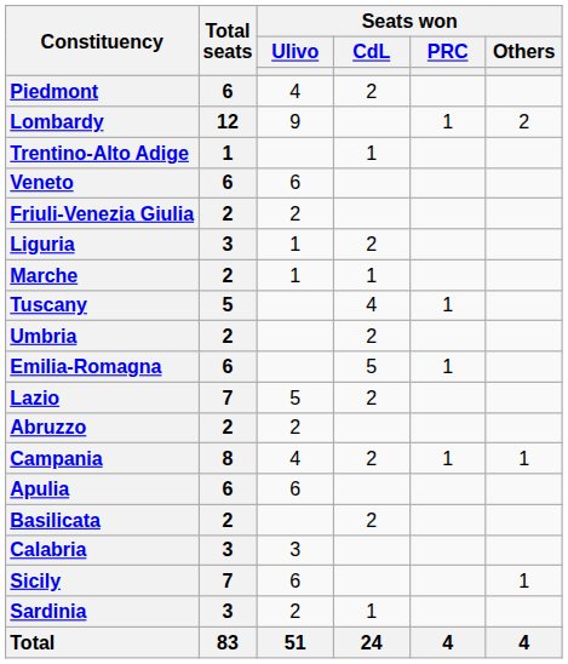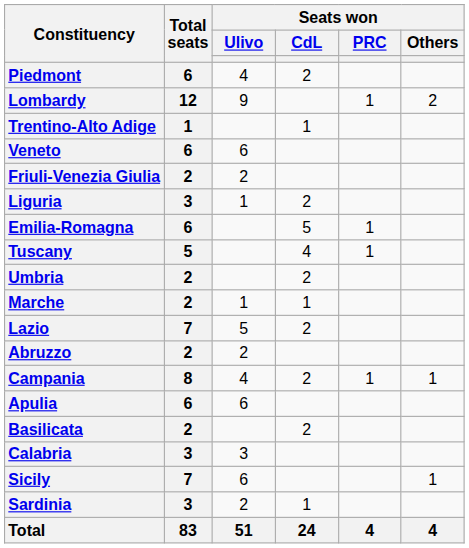 <table class="wikitable" style="text-align:center; font-size: 0.9em">
 <tr>
 <th rowspan="3">Constituency</th>
 <th rowspan="3">Total<br>seats</th>
 <th colspan="4">Seats won</th>
 </tr>
 <tr>
 <th class="unsortable" style="width:50px;"><a href='#'>Ulivo</a></th>
 <th class="unsortable" style="width:50px;"><a href='#'>CdL</a></th>
 <th class="unsortable" style="width:50px;"><a href='#'>PRC</a></th>
 <th class="unsortable" style="width:50px;">Others</th>
 </tr>
 <tr>
 <th style="color:inherit;background:"></th>
 <th style="color:inherit;background:"></th>
 <th style="color:inherit;background:"></th>
 <th style="color:inherit;background:"></th>
 </tr>
 <tr>
 <th style="text-align: left;"><a href='#'>Piedmont</a></th>
 <th>6</th>
 <td>4</td>
 <td>2</td>
 <td></td>
 <td></td>
 </tr>
 <tr>
 <th style="text-align: left;"><a href='#'>Lombardy</a></th>
 <th>12</th>
 <td>9</td>
 <td></td>
 <td>1</td>
 <td>2</td>
 </tr>
 <tr>
 <th style="text-align: left;"><a href='#'>Trentino-Alto Adige</a></th>
 <th>1</th>
 <td></td>
 <td>1</td>
 <td></td>
 <td></td>
 </tr>
 <tr>
 <th style="text-align: left;"><a href='#'>Veneto</a></th>
 <th>6</th>
 <td>6</td>
 <td></td>
 <td></td>
 <td></td>
 </tr>
 <tr>
 <th style="text-align: left;"><a href='#'>Friuli-Venezia Giulia</a></th>
 <th>2</th>
 <td>2</td>
 <td></td>
 <td></td>
 <td></td>
 </tr>
 <tr>
 <th style="text-align: left;"><a href='#'>Liguria</a></th>
 <th>3</th>
 <td>1</td>
 <td>2</td>
 <td></td>
 <td></td>
 </tr>
 <tr>
-<th style="text-align: left;"><a href='#'>Marche</a></th>
-<th>2</th>
+<th style="text-align: left;"><a href='#'>Emilia-Romagna</a></th>
+<th>6</th>
+<td></td>
+<td>5</td>
 <td>1</td>
-<td>1</td>
-<td></td>
 <td></td>
 </tr>
 <tr>
 <th style="text-align: left;"><a href='#'>Tuscany</a></th>
 <th>5</th>
 <td></td>
 <td>4</td>
 <td>1</td>
 <td></td>
 </tr>
 <tr>
 <th style="text-align: left;"><a href='#'>Umbria</a></th>
 <th>2</th>
 <td></td>
 <td>2</td>
 <td></td>
 <td></td>
 </tr>
 <tr>
-<th style="text-align: left;"><a href='#'>Emilia-Romagna</a></th>
-<th>6</th>
+<th style="text-align: left;"><a href='#'>Marche</a></th>
+<th>2</th>
+<td>1</td>
+<td>1</td>
 <td></td>
-<td>5</td>
-<td>1</td>
 <td></td>
 </tr>
 <tr>
 <th style="text-align: left;"><a href='#'>Lazio</a></th>
 <th>7</th>
 <td>5</td>
 <td>2</td>
 <td></td>
 <td></td>
 </tr>
 <tr>
 <th style="text-align: left;"><a href='#'>Abruzzo</a></th>
 <th>2</th>
 <td>2</td>
 <td></td>
 <td></td>
 <td></td>
 </tr>
 <tr>
 <th style="text-align: left;"><a href='#'>Campania</a></th>
 <th>8</th>
 <td>4</td>
 <td>2</td>
 <td>1</td>
 <td>1</td>
 </tr>
 <tr>
 <th style="text-align: left;"><a href='#'>Apulia</a></th>
 <th>6</th>
 <td>6</td>
 <td></td>
 <td></td>
 <td></td>
 </tr>
 <tr>
 <th style="text-align: left;"><a href='#'>Basilicata</a></th>
 <th>2</th>
 <td></td>
 <td>2</td>
 <td></td>
 <td></td>
 </tr>
 <tr>
 <th style="text-align: left;"><a href='#'>Calabria</a></th>
 <th>3</th>
 <td>3</td>
 <td></td>
 <td></td>
 <td></td>
 </tr>
 <tr>
 <th style="text-align: left;"><a href='#'>Sicily</a></th>
 <th>7</th>
 <td>6</td>
 <td></td>
 <td></td>
 <td>1</td>
 </tr>
 <tr>
 <th style="text-align: left;"><a href='#'>Sardinia</a></th>
 <th>3</th>
 <td>2</td>
 <td>1</td>
 <td></td>
 <td></td>
 </tr>
 <tr>
 <th style="text-align: left;">Total</th>
 <th>83</th>
 <th>51</th>
 <th>24</th>
 <th>4</th>
 <th>4</th>
 </tr>
 </table>
